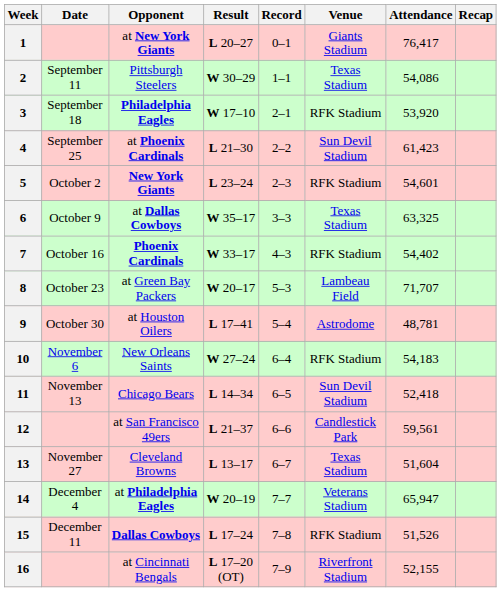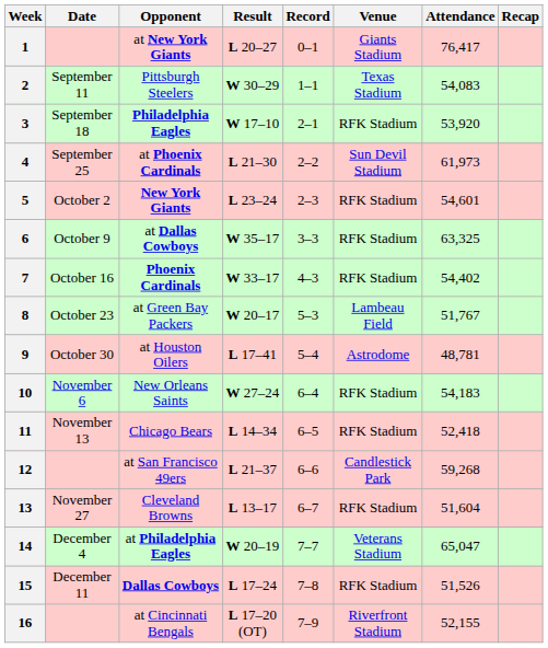 <table class="wikitable" style="text-align:center">
 <tr>
 <th>Week</th>
 <th>Date</th>
 <th>Opponent</th>
 <th>Result</th>
 <th>Record</th>
 <th>Venue</th>
 <th>Attendance</th>
 <th>Recap</th>
 </tr>
 <tr style="background:#fcc">
 <th>1</th>
 <td></td>
 <td>at <strong><a href='#'>New York Giants</a></strong></td>
 <td><strong>L</strong> 20–27</td>
 <td>0–1</td>
 <td><a href='#'>Giants Stadium</a></td>
 <td>76,417</td>
 <td></td>
 </tr>
 <tr style="background:#cfc">
 <th>2</th>
 <td>September 11</td>
 <td><a href='#'>Pittsburgh Steelers</a></td>
 <td><strong>W</strong> 30–29</td>
 <td>1–1</td>
 <td><a href='#'>Texas Stadium</a></td>
-<td>54,086</td>
+<td>54,083</td>
 <td></td>
 </tr>
 <tr style="background:#cfc">
 <th>3</th>
 <td>September 18</td>
 <td><strong><a href='#'>Philadelphia Eagles</a></strong></td>
 <td><strong>W</strong> 17–10</td>
 <td>2–1</td>
 <td>RFK Stadium</td>
 <td>53,920</td>
 <td></td>
 </tr>
 <tr style="background:#fcc">
 <th>4</th>
 <td>September 25</td>
 <td>at <strong><a href='#'>Phoenix Cardinals</a></strong></td>
 <td><strong>L</strong> 21–30</td>
 <td>2–2</td>
 <td><a href='#'>Sun Devil Stadium</a></td>
-<td>61,423</td>
+<td>61,973</td>
 <td></td>
 </tr>
 <tr style="background:#fcc">
 <th>5</th>
 <td>October 2</td>
 <td><strong><a href='#'>New York Giants</a></strong></td>
 <td><strong>L</strong> 23–24</td>
 <td>2–3</td>
 <td>RFK Stadium</td>
 <td>54,601</td>
 <td></td>
 </tr>
 <tr style="background:#cfc">
 <th>6</th>
 <td>October 9</td>
 <td>at <strong><a href='#'>Dallas Cowboys</a></strong></td>
 <td><strong>W</strong> 35–17</td>
 <td>3–3</td>
-<td><a href='#'>Texas Stadium</a></td>
+<td>RFK Stadium</td>
 <td>63,325</td>
 <td></td>
 </tr>
 <tr style="background:#cfc">
 <th>7</th>
 <td>October 16</td>
 <td><strong><a href='#'>Phoenix Cardinals</a></strong></td>
 <td><strong>W</strong> 33–17</td>
 <td>4–3</td>
 <td>RFK Stadium</td>
 <td>54,402</td>
 <td></td>
 </tr>
 <tr style="background:#cfc">
 <th>8</th>
 <td>October 23</td>
 <td>at <a href='#'>Green Bay Packers</a></td>
 <td><strong>W</strong> 20–17</td>
 <td>5–3</td>
 <td><a href='#'>Lambeau Field</a></td>
-<td>71,707</td>
+<td>51,767</td>
 <td></td>
 </tr>
 <tr style="background:#fcc">
 <th>9</th>
 <td>October 30</td>
 <td>at <a href='#'>Houston Oilers</a></td>
 <td><strong>L</strong> 17–41</td>
 <td>5–4</td>
 <td><a href='#'>Astrodome</a></td>
 <td>48,781</td>
 <td></td>
 </tr>
 <tr style="background:#cfc">
 <th>10</th>
 <td><a href='#'>November 6</a></td>
 <td><a href='#'>New Orleans Saints</a></td>
 <td><strong>W</strong> 27–24</td>
 <td>6–4</td>
 <td>RFK Stadium</td>
 <td>54,183</td>
 <td></td>
 </tr>
 <tr style="background:#fcc">
 <th>11</th>
 <td>November 13</td>
 <td><a href='#'>Chicago Bears</a></td>
 <td><strong>L</strong> 14–34</td>
 <td>6–5</td>
-<td><a href='#'>Sun Devil Stadium</a></td>
+<td>RFK Stadium</td>
 <td>52,418</td>
 <td></td>
 </tr>
 <tr style="background:#fcc">
 <th>12</th>
 <td></td>
 <td>at <a href='#'>San Francisco 49ers</a></td>
 <td><strong>L</strong> 21–37</td>
 <td>6–6</td>
 <td><a href='#'>Candlestick Park</a></td>
-<td>59,561</td>
+<td>59,268</td>
 <td></td>
 </tr>
 <tr style="background:#fcc">
 <th>13</th>
 <td>November 27</td>
 <td><a href='#'>Cleveland Browns</a></td>
 <td><strong>L</strong> 13–17</td>
 <td>6–7</td>
-<td><a href='#'>Texas Stadium</a></td>
+<td>RFK Stadium</td>
 <td>51,604</td>
 <td></td>
 </tr>
 <tr style="background:#cfc">
 <th>14</th>
 <td>December 4</td>
 <td>at <strong><a href='#'>Philadelphia Eagles</a></strong></td>
 <td><strong>W</strong> 20–19</td>
 <td>7–7</td>
 <td><a href='#'>Veterans Stadium</a></td>
-<td>65,947</td>
+<td>65,047</td>
 <td></td>
 </tr>
 <tr style="background:#fcc">
 <th>15</th>
 <td>December 11</td>
 <td><strong><a href='#'>Dallas Cowboys</a></strong></td>
 <td><strong>L</strong> 17–24</td>
 <td>7–8</td>
 <td>RFK Stadium</td>
 <td>51,526</td>
 <td></td>
 </tr>
 <tr style="background:#fcc">
 <th>16</th>
 <td></td>
 <td>at <a href='#'>Cincinnati Bengals</a></td>
 <td><strong>L</strong> 17–20 (OT)</td>
 <td>7–9</td>
 <td><a href='#'>Riverfront Stadium</a></td>
 <td>52,155</td>
 <td></td>
 </tr>
 </table>
